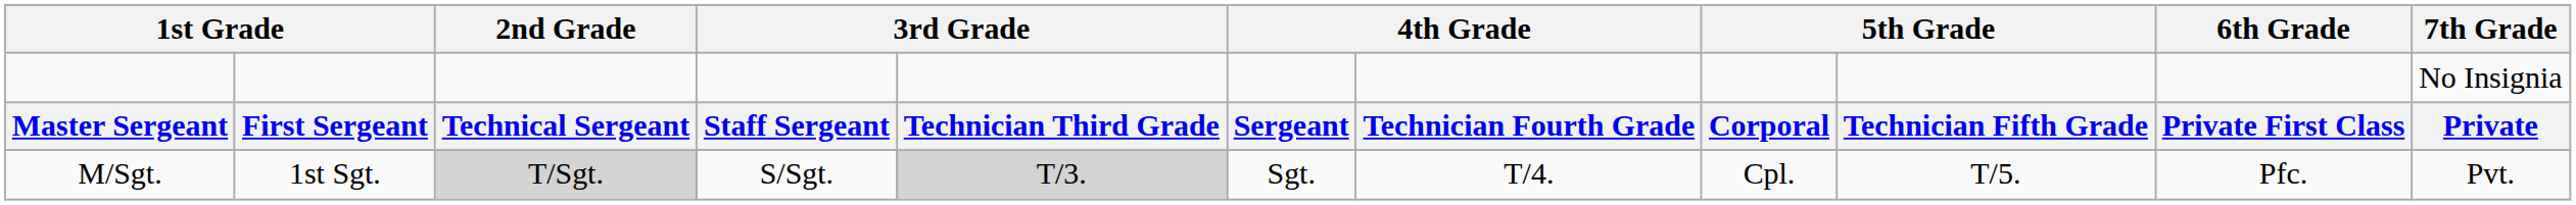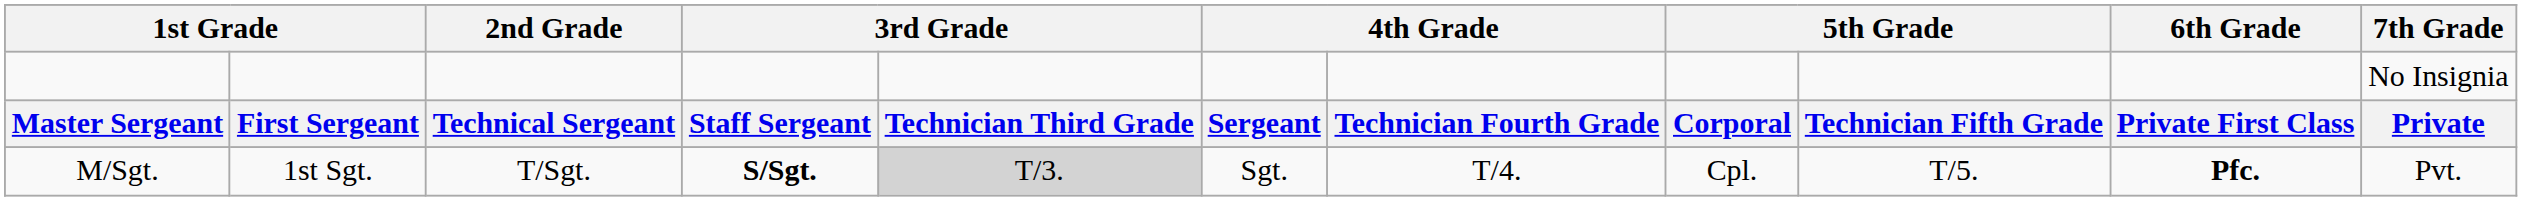 <table class="wikitable" style="text-align:center">
 <tr>
 <th colspan=2>1st Grade</th>
 <th>2nd Grade</th>
 <th colspan=2>3rd Grade</th>
 <th colspan=2>4th Grade</th>
 <th colspan=2>5th Grade</th>
 <th>6th Grade</th>
 <th>7th Grade</th>
 </tr>
 <tr>
 <td></td>
 <td></td>
 <td></td>
 <td></td>
 <td></td>
 <td></td>
 <td></td>
 <td></td>
 <td></td>
 <td></td>
 <td>No Insignia</td>
 </tr>
 <tr>
 <th><a href='#'>Master Sergeant</a></th>
 <th><a href='#'>First Sergeant</a></th>
 <th><a href='#'>Technical Sergeant</a></th>
 <th><a href='#'>Staff Sergeant</a></th>
 <th><a href='#'>Technician Third Grade</a></th>
 <th><a href='#'>Sergeant</a></th>
 <th><a href='#'>Technician Fourth Grade</a></th>
 <th><a href='#'>Corporal</a></th>
 <th><a href='#'>Technician Fifth Grade</a></th>
 <th><a href='#'>Private First Class</a></th>
 <th><a href='#'>Private</a></th>
 </tr>
 <tr>
 <td>M/Sgt.</td>
 <td>1st Sgt.</td>
-<td style="background: lightgrey;">T/Sgt.</td>
-<td>S/Sgt.</td>
+<td>T/Sgt.</td>
+<td><strong>S/Sgt.</strong></td>
 <td style="background: lightgrey;">T/3.</td>
 <td>Sgt.</td>
 <td>T/4.</td>
 <td>Cpl.</td>
 <td>T/5.</td>
-<td>Pfc.</td>
+<td><strong>Pfc.</strong></td>
 <td>Pvt.</td>
 </tr>
 </table>
